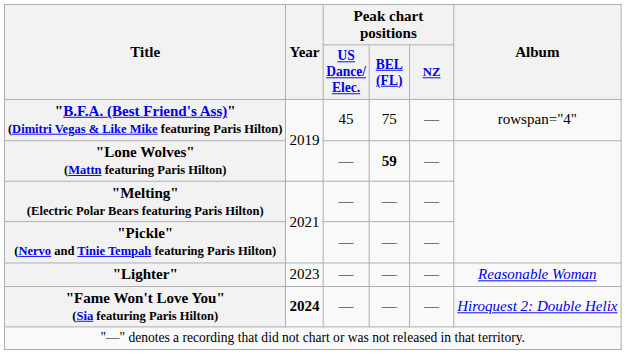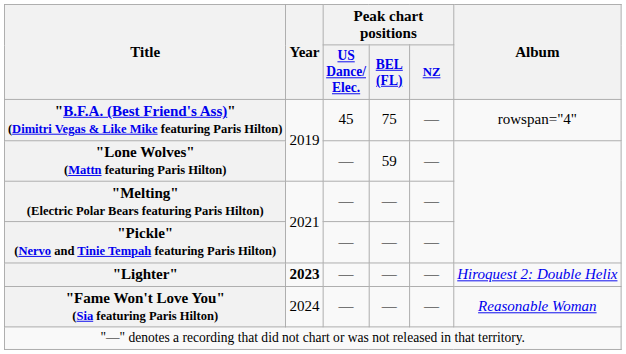 <table class="wikitable plainrowheaders" style="text-align:center;">
 <tr>
 <th scope="col" rowspan="2">Title</th>
 <th scope="col" rowspan="2">Year</th>
 <th scope="col" colspan="3">Peak chart positions</th>
 <th scope="col" rowspan="2">Album</th>
 </tr>
 <tr>
 <th scope="col" style="width:2.5em; font-size:90%;"><a href='#'>US<br>Dance/<br>Elec.</a><br></th>
 <th scope="col" style="width:2.5em; font-size:90%;"><a href='#'>BEL<br>(FL)</a><br></th>
 <th scope="col" style="width:3em;font-size:85%;"><a href='#'>NZ</a></th>
 </tr>
 <tr>
 <th scope="row">"<a href='#'>B.F.A. (Best Friend's Ass)</a>"<br><small>(<a href='#'>Dimitri Vegas & Like Mike</a> featuring Paris Hilton)</small></th>
 <td rowspan="2">2019</td>
 <td>45</td>
 <td>75</td>
 <td>—</td>
 <td>rowspan="4" </td>
 </tr>
 <tr>
 <th scope="row">"Lone Wolves"<br><small>(<a href='#'>Mattn</a> featuring Paris Hilton)</small></th>
 <td>—</td>
-<td><strong>59</strong></td>
+<td>59</td>
 <td>—</td>
 </tr>
 <tr>
 <th scope="row">"Melting"<br><small>(Electric Polar Bears featuring Paris Hilton)</small></th>
 <td rowspan="2">2021</td>
 <td>—</td>
 <td>—</td>
 <td>—</td>
 </tr>
 <tr>
 <th scope="row">"Pickle"<br><small>(<a href='#'>Nervo</a> and <a href='#'>Tinie Tempah</a> featuring Paris Hilton)</small></th>
 <td>—</td>
 <td>—</td>
 <td>—</td>
 </tr>
 <tr>
 <th scope="row">"Lighter"<br></th>
-<td>2023</td>
+<td><strong>2023</strong></td>
+<td>—</td>
+<td>—</td>
+<td>—</td>
+<td><em><a href='#'>Hiroquest 2: Double Helix</a></em></td>
+</tr>
+<tr>
+<th scope="row">"Fame Won't Love You"<br><small>(<a href='#'>Sia</a> featuring Paris Hilton)</small></th>
+<td>2024</td>
 <td>—</td>
 <td>—</td>
 <td>—</td>
 <td><em><a href='#'>Reasonable Woman</a></em></td>
 </tr>
 <tr>
-<th scope="row">"Fame Won't Love You"<br><small>(<a href='#'>Sia</a> featuring Paris Hilton)</small></th>
-<td><strong>2024</strong></td>
-<td>—</td>
-<td>—</td>
-<td>—</td>
-<td><em><a href='#'>Hiroquest 2: Double Helix</a></em></td>
-</tr>
-<tr>
 <td colspan="18" style="font-size:90%">"—" denotes a recording that did not chart or was not released in that territory.</td>
 </tr>
 </table>
